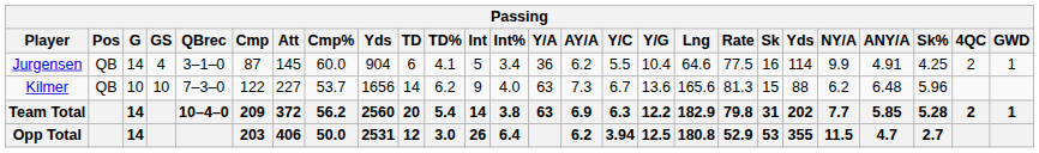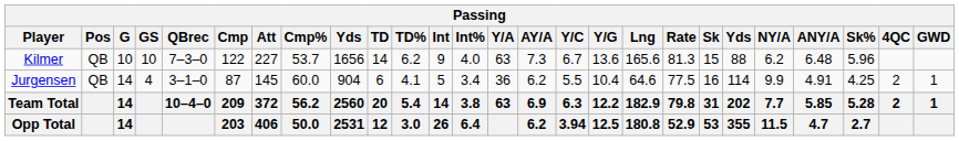 <table class="wikitable" style="text-align:center">
 <tr>
 <th colspan="26">Passing</th>
 </tr>
 <tr>
 <th>Player</th>
 <th>Pos</th>
 <th>G</th>
 <th>GS</th>
 <th>QBrec</th>
 <th>Cmp</th>
 <th>Att</th>
 <th>Cmp%</th>
 <th>Yds</th>
 <th>TD</th>
 <th>TD%</th>
 <th>Int</th>
 <th>Int%</th>
 <th>Y/A</th>
 <th>AY/A</th>
 <th>Y/C</th>
 <th>Y/G</th>
 <th>Lng</th>
 <th>Rate</th>
 <th>Sk</th>
 <th>Yds</th>
 <th>NY/A</th>
 <th>ANY/A</th>
 <th>Sk%</th>
 <th>4QC</th>
 <th>GWD</th>
 </tr>
 <tr>
+<td><a href='#'>Kilmer</a></td>
+<td>QB</td>
+<td>10</td>
+<td>10</td>
+<td>7–3–0</td>
+<td>122</td>
+<td>227</td>
+<td>53.7</td>
+<td>1656</td>
+<td>14</td>
+<td>6.2</td>
+<td>9</td>
+<td>4.0</td>
+<td>63</td>
+<td>7.3</td>
+<td>6.7</td>
+<td>13.6</td>
+<td>165.6</td>
+<td>81.3</td>
+<td>15</td>
+<td>88</td>
+<td>6.2</td>
+<td>6.48</td>
+<td>5.96</td>
+<td></td>
+<td></td>
+</tr>
+<tr>
 <td><a href='#'>Jurgensen</a></td>
 <td>QB</td>
 <td>14</td>
 <td>4</td>
 <td>3–1–0</td>
 <td>87</td>
 <td>145</td>
 <td>60.0</td>
 <td>904</td>
 <td>6</td>
 <td>4.1</td>
 <td>5</td>
 <td>3.4</td>
 <td>36</td>
 <td>6.2</td>
 <td>5.5</td>
 <td>10.4</td>
 <td>64.6</td>
 <td>77.5</td>
 <td>16</td>
 <td>114</td>
 <td>9.9</td>
 <td>4.91</td>
 <td>4.25</td>
 <td>2</td>
 <td>1</td>
-</tr>
-<tr>
-<td><a href='#'>Kilmer</a></td>
-<td>QB</td>
-<td>10</td>
-<td>10</td>
-<td>7–3–0</td>
-<td>122</td>
-<td>227</td>
-<td>53.7</td>
-<td>1656</td>
-<td>14</td>
-<td>6.2</td>
-<td>9</td>
-<td>4.0</td>
-<td>63</td>
-<td>7.3</td>
-<td>6.7</td>
-<td>13.6</td>
-<td>165.6</td>
-<td>81.3</td>
-<td>15</td>
-<td>88</td>
-<td>6.2</td>
-<td>6.48</td>
-<td>5.96</td>
-<td></td>
-<td></td>
 </tr>
 <tr>
 <th>Team Total</th>
 <th></th>
 <th>14</th>
 <th></th>
 <th>10–4–0</th>
 <th>209</th>
 <th>372</th>
 <th>56.2</th>
 <th>2560</th>
 <th>20</th>
 <th>5.4</th>
 <th>14</th>
 <th>3.8</th>
 <th>63</th>
 <th>6.9</th>
 <th>6.3</th>
 <th>12.2</th>
 <th>182.9</th>
 <th>79.8</th>
 <th>31</th>
 <th>202</th>
 <th>7.7</th>
 <th>5.85</th>
 <th>5.28</th>
 <th>2</th>
 <th>1</th>
 </tr>
 <tr>
 <th>Opp Total</th>
 <th></th>
 <th>14</th>
 <th></th>
 <th></th>
 <th>203</th>
 <th>406</th>
 <th>50.0</th>
 <th>2531</th>
 <th>12</th>
 <th>3.0</th>
 <th>26</th>
 <th>6.4</th>
 <th></th>
 <th>6.2</th>
 <th>3.94</th>
 <th>12.5</th>
 <th>180.8</th>
 <th>52.9</th>
 <th>53</th>
 <th>355</th>
 <th>11.5</th>
 <th>4.7</th>
 <th>2.7</th>
 <th></th>
 <th></th>
 </tr>
 </table>
